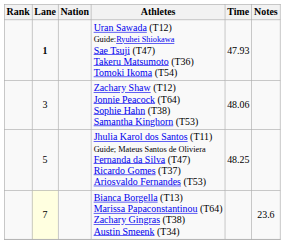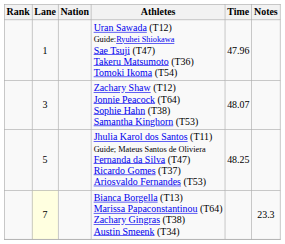 <table class="wikitable sortable" style="text-align:center">
 <tr>
 <th>Rank</th>
 <th>Lane</th>
 <th>Nation</th>
 <th>Athletes</th>
 <th>Time</th>
 <th>Notes</th>
 </tr>
 <tr>
 <td></td>
-<td><strong>1</strong></td>
+<td>1</td>
 <td align=left></td>
 <td align=left><a href='#'>Uran Sawada</a> (T12)<br><small>Guide:<a href='#'>Ryuhei Shiokawa</a> </small><br><a href='#'>Sae Tsuji</a> (T47)<br><a href='#'>Takeru Matsumoto</a> (T36)<br><a href='#'>Tomoki Ikoma</a> (T54)</td>
-<td>47.93</td>
+<td>47.96</td>
 <td></td>
 </tr>
 <tr>
 <td></td>
 <td>3</td>
 <td align=left></td>
 <td align=left><a href='#'>Zachary Shaw</a> (T12)<br><a href='#'>Jonnie Peacock</a> (T64)<br><a href='#'>Sophie Hahn</a> (T38)<br><a href='#'>Samantha Kinghorn</a> (T53)</td>
-<td>48.06</td>
+<td>48.07</td>
 <td></td>
 </tr>
 <tr>
 <td></td>
 <td>5</td>
 <td align=left></td>
 <td align=left><a href='#'>Jhulia Karol dos Santos</a> (T11)<br><small>Guide; Mateus Santos de Oliviera</small><br><a href='#'>Fernanda da Silva</a> (T47)<br><a href='#'>Ricardo Gomes</a> (T37)<br><a href='#'>Ariosvaldo Fernandes</a> (T53)</td>
 <td>48.25</td>
 <td></td>
 </tr>
 <tr>
 <td></td>
 <td style="background: lightyellow;">7</td>
 <td align=left></td>
 <td align=left><a href='#'>Bianca Borgella</a> (T13)<br><a href='#'>Marissa Papaconstantinou</a> (T64)<br><a href='#'>Zachary Gingras</a> (T38)<br><a href='#'>Austin Smeenk</a> (T34)</td>
 <td></td>
-<td>23.6</td>
+<td>23.3</td>
 </tr>
 <tr>
 </tr>
 </table>
